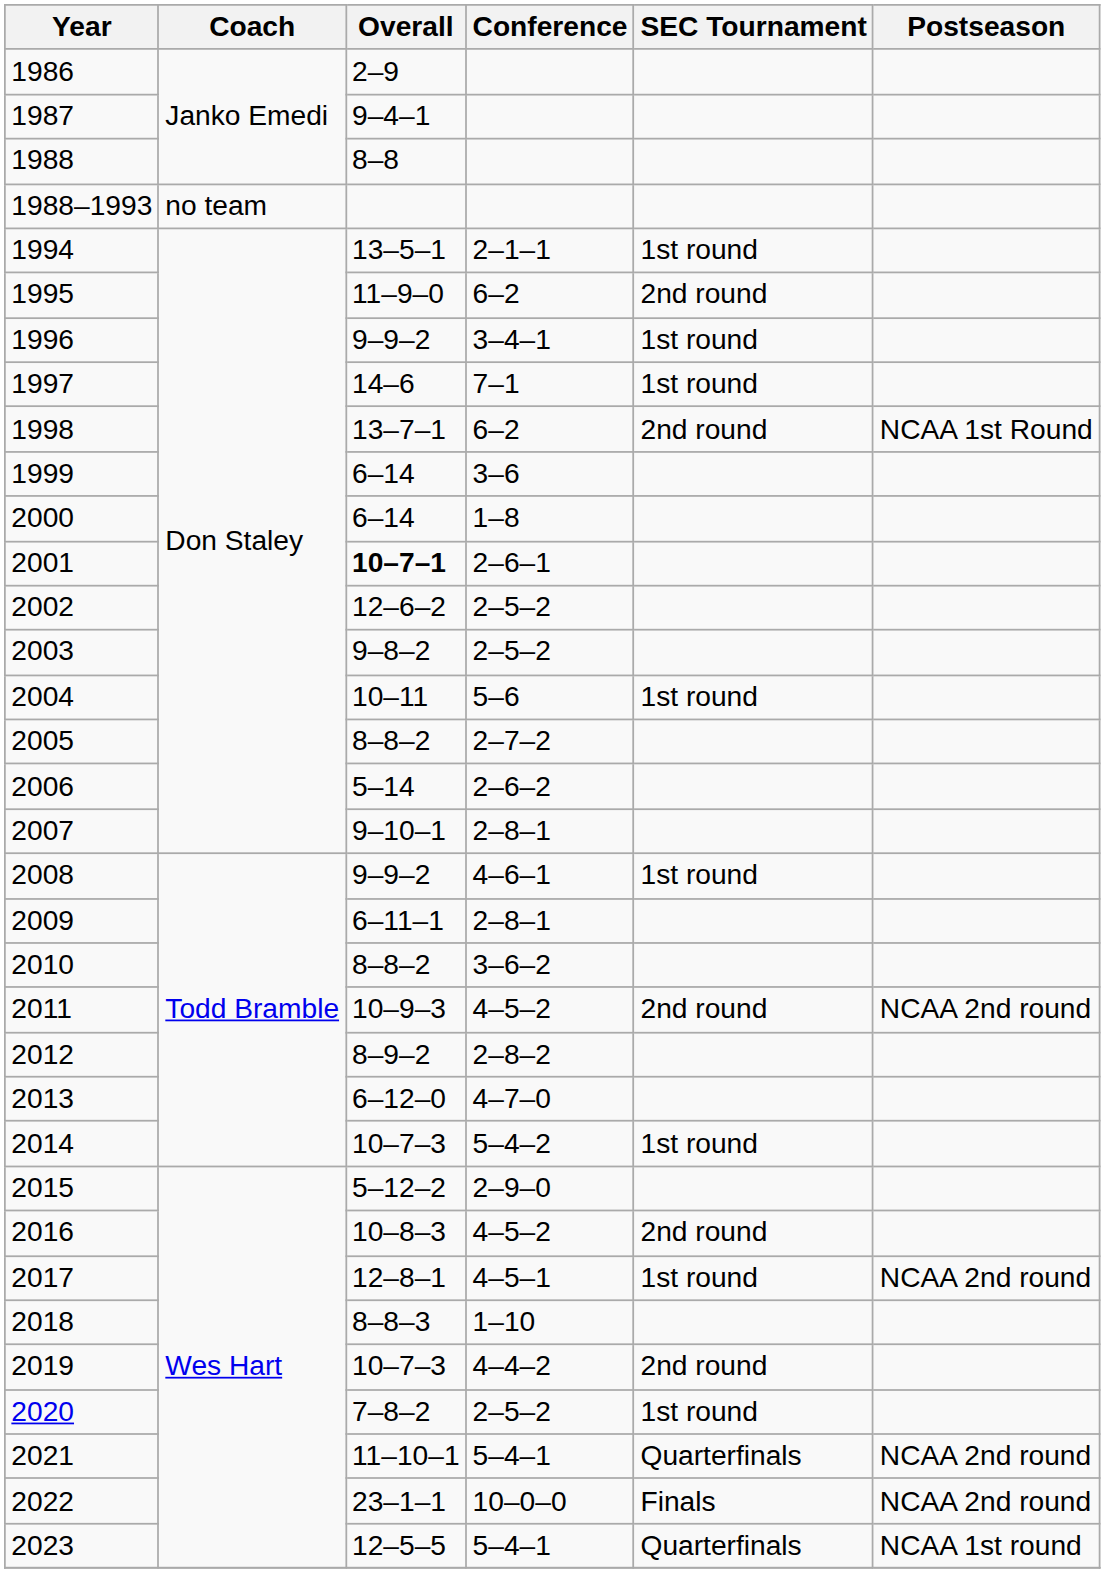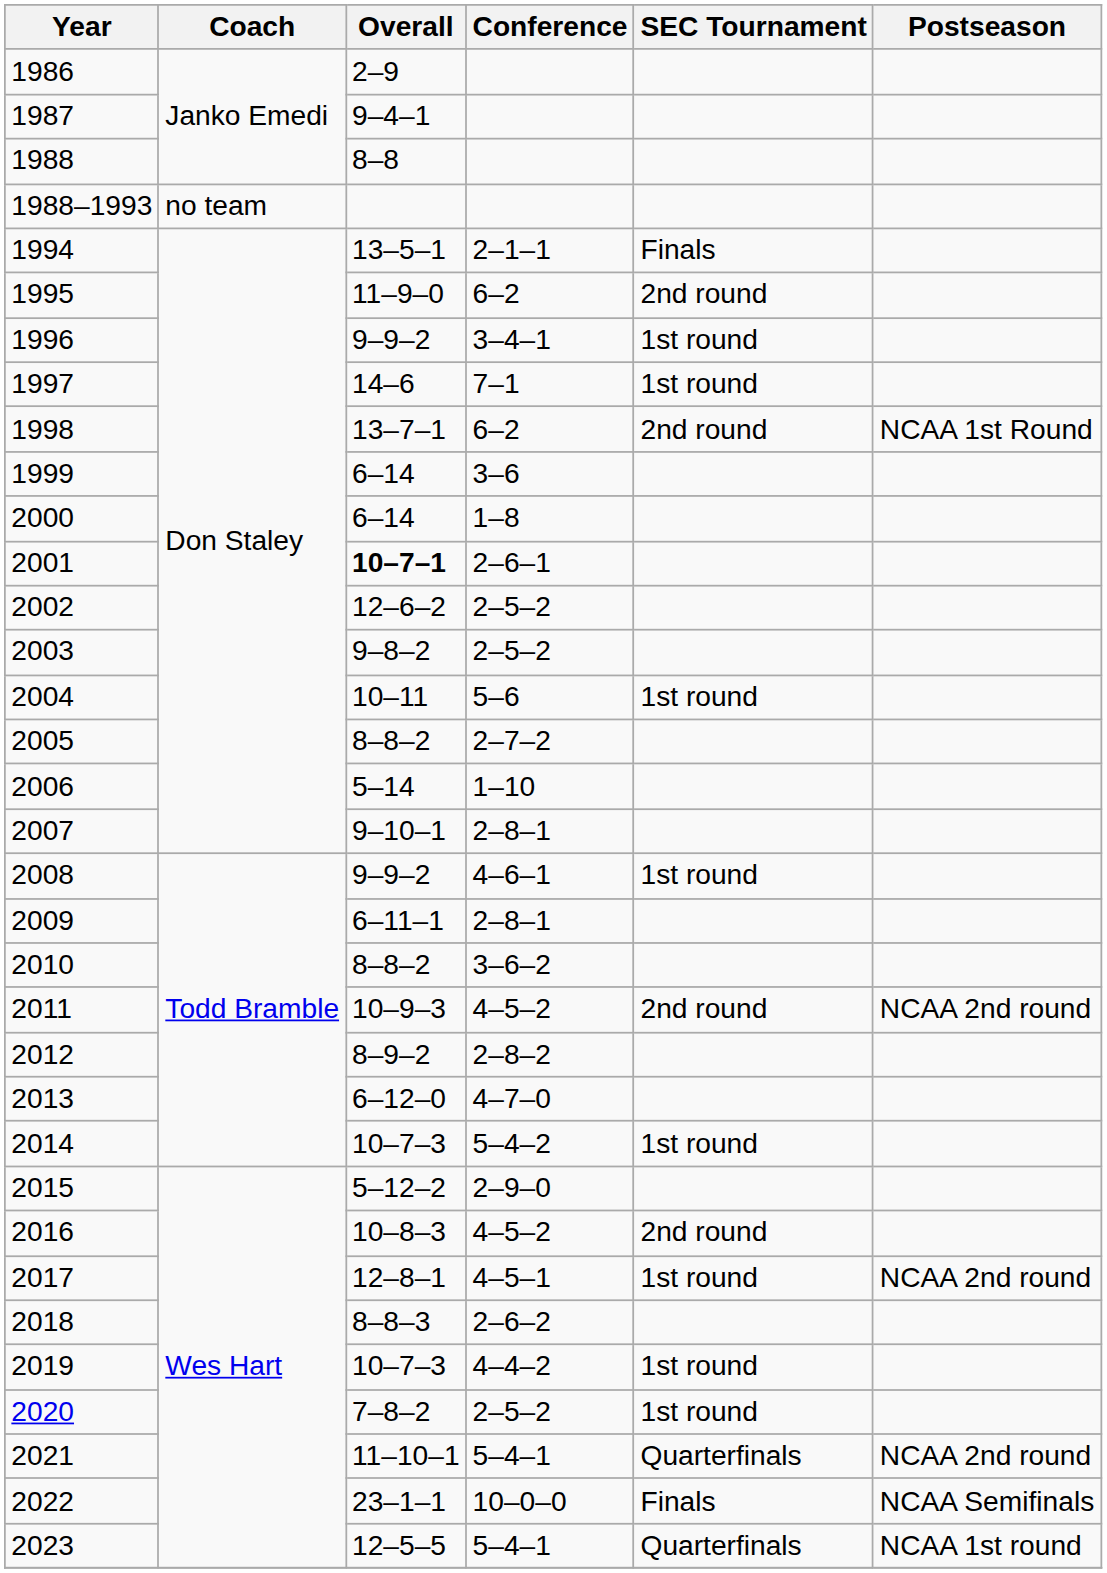 <table class="wikitable" style="font-size: %">
 <tr>
 <th width=px>Year</th>
 <th width=px>Coach</th>
 <th width=px>Overall</th>
 <th width=px>Conference</th>
 <th width=px>SEC Tournament</th>
 <th width=px>Postseason</th>
 </tr>
 <tr>
 <td>1986</td>
 <td rowspan="3">Janko Emedi</td>
 <td>2–9</td>
 <td></td>
 <td></td>
 <td></td>
 </tr>
 <tr>
 <td>1987</td>
 <td>9–4–1</td>
 <td></td>
 <td></td>
 <td></td>
 </tr>
 <tr>
 <td>1988</td>
 <td>8–8</td>
 <td></td>
 <td></td>
 <td></td>
 </tr>
 <tr>
 <td>1988–1993</td>
 <td>no team</td>
 <td></td>
 <td></td>
 <td></td>
 <td></td>
 </tr>
 <tr>
 <td>1994</td>
 <td rowspan="14">Don Staley</td>
 <td>13–5–1</td>
 <td>2–1–1</td>
-<td>1st round</td>
+<td>Finals</td>
 <td></td>
 </tr>
 <tr>
 <td>1995</td>
 <td>11–9–0</td>
 <td>6–2</td>
 <td>2nd round</td>
 <td></td>
 </tr>
 <tr>
 <td>1996</td>
 <td>9–9–2</td>
 <td>3–4–1</td>
 <td>1st round</td>
 <td></td>
 </tr>
 <tr>
 <td>1997</td>
 <td>14–6</td>
 <td>7–1</td>
 <td>1st round</td>
 <td></td>
 </tr>
 <tr>
 <td>1998</td>
 <td>13–7–1</td>
 <td>6–2</td>
 <td>2nd round</td>
 <td>NCAA 1st Round</td>
 </tr>
 <tr>
 <td>1999</td>
 <td>6–14</td>
 <td>3–6</td>
 <td></td>
 <td></td>
 </tr>
 <tr>
 <td>2000</td>
 <td>6–14</td>
 <td>1–8</td>
 <td></td>
 <td></td>
 </tr>
 <tr>
 <td>2001</td>
 <td><strong>10–7–1</strong></td>
 <td>2–6–1</td>
 <td></td>
 <td></td>
 </tr>
 <tr>
 <td>2002</td>
 <td>12–6–2</td>
 <td>2–5–2</td>
 <td></td>
 <td></td>
 </tr>
 <tr>
 <td>2003</td>
 <td>9–8–2</td>
 <td>2–5–2</td>
 <td></td>
 <td></td>
 </tr>
 <tr>
 <td>2004</td>
 <td>10–11</td>
 <td>5–6</td>
 <td>1st round</td>
 <td></td>
 </tr>
 <tr>
 <td>2005</td>
 <td>8–8–2</td>
 <td>2–7–2</td>
 <td></td>
 <td></td>
 </tr>
 <tr>
 <td>2006</td>
 <td>5–14</td>
-<td>2–6–2</td>
+<td>1–10</td>
 <td></td>
 <td></td>
 </tr>
 <tr>
 <td>2007</td>
 <td>9–10–1</td>
 <td>2–8–1</td>
 <td></td>
 <td></td>
 </tr>
 <tr>
 <td>2008</td>
 <td rowspan="7"><a href='#'>Todd Bramble</a></td>
 <td>9–9–2</td>
 <td>4–6–1</td>
 <td>1st round</td>
 <td></td>
 </tr>
 <tr>
 <td>2009</td>
 <td>6–11–1</td>
 <td>2–8–1</td>
 <td></td>
 <td></td>
 </tr>
 <tr>
 <td>2010</td>
 <td>8–8–2</td>
 <td>3–6–2</td>
 <td></td>
 <td></td>
 </tr>
 <tr>
 <td>2011</td>
 <td>10–9–3</td>
 <td>4–5–2</td>
 <td>2nd round</td>
 <td>NCAA 2nd round</td>
 </tr>
 <tr>
 <td>2012</td>
 <td>8–9–2</td>
 <td>2–8–2</td>
 <td></td>
 <td></td>
 </tr>
 <tr>
 <td>2013</td>
 <td>6–12–0</td>
 <td>4–7–0</td>
 <td></td>
 <td></td>
 </tr>
 <tr>
 <td>2014</td>
 <td>10–7–3</td>
 <td>5–4–2</td>
 <td>1st round</td>
 <td></td>
 </tr>
 <tr>
 <td>2015</td>
 <td rowspan="9"><a href='#'>Wes Hart</a></td>
 <td>5–12–2</td>
 <td>2–9–0</td>
 <td></td>
 <td></td>
 </tr>
 <tr>
 <td>2016</td>
 <td>10–8–3</td>
 <td>4–5–2</td>
 <td>2nd round</td>
 <td></td>
 </tr>
 <tr>
 <td>2017</td>
 <td>12–8–1</td>
 <td>4–5–1</td>
 <td>1st round</td>
 <td>NCAA 2nd round</td>
 </tr>
 <tr>
 <td>2018</td>
 <td>8–8–3</td>
-<td>1–10</td>
+<td>2–6–2</td>
 <td></td>
 <td></td>
 </tr>
 <tr>
 <td>2019</td>
 <td>10–7–3</td>
 <td>4–4–2</td>
-<td>2nd round</td>
+<td>1st round</td>
 <td></td>
 </tr>
 <tr>
 <td><a href='#'>2020</a></td>
 <td>7–8–2</td>
 <td>2–5–2</td>
 <td>1st round</td>
 <td></td>
 </tr>
 <tr>
 <td>2021</td>
 <td>11–10–1</td>
 <td>5–4–1</td>
 <td>Quarterfinals</td>
 <td>NCAA 2nd round</td>
 </tr>
 <tr>
 <td>2022</td>
 <td>23–1–1</td>
 <td>10–0–0</td>
 <td>Finals</td>
-<td>NCAA 2nd round</td>
+<td>NCAA Semifinals</td>
 </tr>
 <tr>
 <td>2023</td>
 <td>12–5–5</td>
 <td>5–4–1</td>
 <td>Quarterfinals</td>
 <td>NCAA 1st round</td>
 </tr>
 <tr>
 </tr>
 </table>
